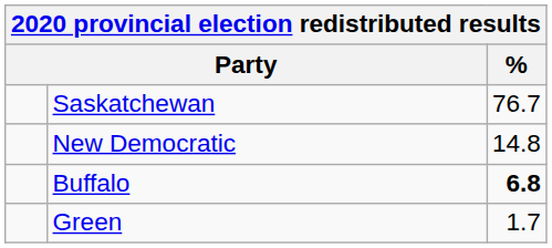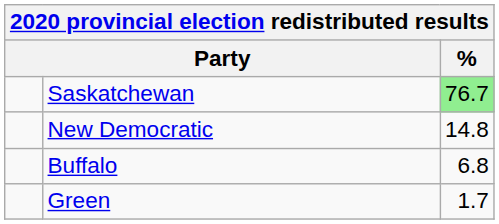 <table class="wikitable">
 <tr>
 <th colspan="4"><a href='#'>2020 provincial election</a> redistributed results</th>
 </tr>
 <tr>
 <th colspan="2" width="130px" bgcolor="#DDDDFF">Party</th>
 <th width="30px" bgcolor="#DDDDFF">%</th>
 </tr>
 <tr>
 <td> </td>
 <td><a href='#'>Saskatchewan</a></td>
-<td align="right">76.7</td>
+<td align="right" style="background: lightgreen;">76.7</td>
 </tr>
 <tr>
 <td> </td>
 <td><a href='#'>New Democratic</a></td>
 <td align="right">14.8</td>
 </tr>
 <tr>
 <td> </td>
 <td><a href='#'>Buffalo</a></td>
-<td align="right"><strong>6.8</strong></td>
+<td align="right">6.8</td>
 </tr>
 <tr>
 <td> </td>
 <td><a href='#'>Green</a></td>
 <td align="right">1.7</td>
 </tr>
 </table>
